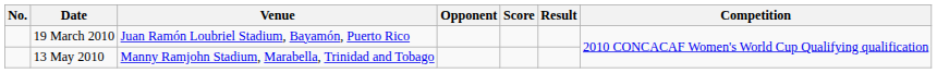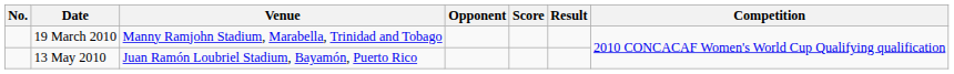 <table class="wikitable">
 <tr>
 <th>No.</th>
 <th>Date</th>
 <th>Venue</th>
 <th>Opponent</th>
 <th>Score</th>
 <th>Result</th>
 <th>Competition</th>
 </tr>
 <tr>
 <td></td>
 <td>19 March 2010</td>
-<td><a href='#'>Juan Ramón Loubriel Stadium</a>, <a href='#'>Bayamón</a>, <a href='#'>Puerto Rico</a></td>
+<td><a href='#'>Manny Ramjohn Stadium</a>, <a href='#'>Marabella</a>, <a href='#'>Trinidad and Tobago</a></td>
 <td></td>
 <td></td>
 <td></td>
 <td rowspan=2><a href='#'>2010 CONCACAF Women's World Cup Qualifying qualification</a></td>
 </tr>
 <tr>
 <td></td>
 <td>13 May 2010</td>
-<td><a href='#'>Manny Ramjohn Stadium</a>, <a href='#'>Marabella</a>, <a href='#'>Trinidad and Tobago</a></td>
+<td><a href='#'>Juan Ramón Loubriel Stadium</a>, <a href='#'>Bayamón</a>, <a href='#'>Puerto Rico</a></td>
 <td></td>
 <td></td>
 <td></td>
 </tr>
 </table>
